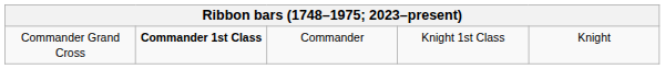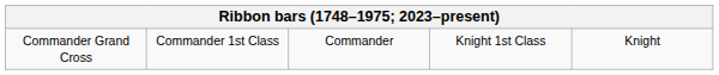 <table class="wikitable" align="center" width="60%">
 <tr>
 <th colspan="5">Ribbon bars (1748–1975; 2023–present)</th>
 </tr>
 <tr>
 <td width="20%" valign="top" align="center"><small>Commander Grand Cross</small></td>
-<td width="20%" valign="top" align="center"><strong><small>Commander 1st Class</small></strong></td>
+<td width="20%" valign="top" align="center"><small>Commander 1st Class</small></td>
 <td width="20%" valign="top" align="center"><small>Commander</small></td>
 <td width="20%" valign="top" align="center"><small>Knight 1st Class</small></td>
 <td width="20%" valign="top" align="center"><small>Knight</small></td>
 </tr>
 </table>
